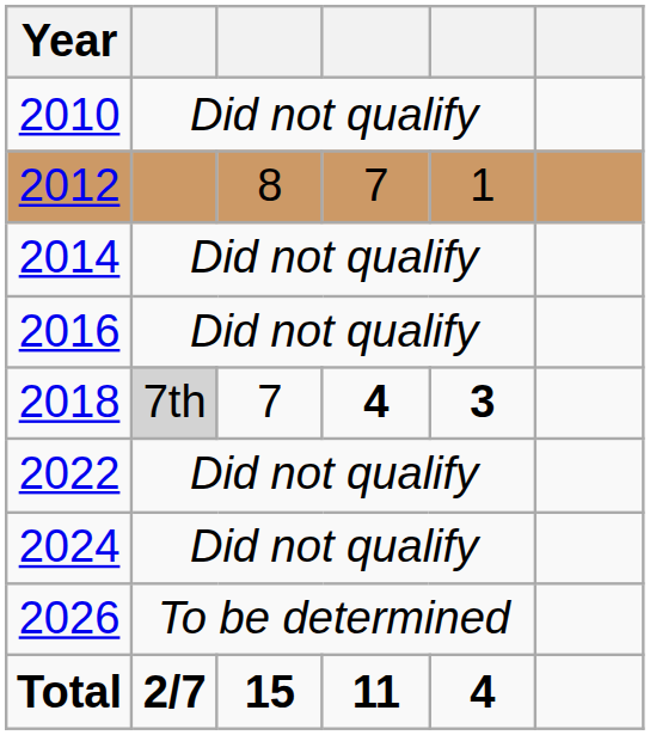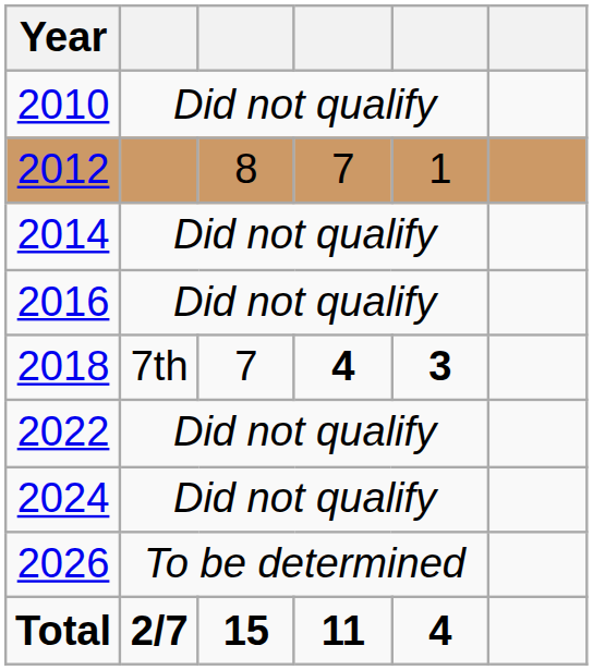 <table class="wikitable" style="text-align: center;">
 <tr>
 <th>Year</th>
 <th></th>
 <th width=30></th>
 <th width=30></th>
 <th width=30></th>
 <th width=30></th>
 </tr>
 <tr>
 <td> <a href='#'>2010</a></td>
 <td colspan=4><em>Did not qualify</em></td>
 <td></td>
 </tr>
 <tr bgcolor=cc9966>
 <td> <a href='#'>2012</a></td>
 <td></td>
 <td>8</td>
 <td>7</td>
 <td>1</td>
 <td></td>
 </tr>
 <tr>
 <td> <a href='#'>2014</a></td>
 <td colspan=4><em>Did not qualify</em></td>
 <td></td>
 </tr>
 <tr>
 <td> <a href='#'>2016</a></td>
 <td colspan=4><em>Did not qualify</em></td>
 <td></td>
 </tr>
 <tr>
 <td> <a href='#'>2018</a></td>
-<td style="background: lightgrey;">7th</td>
+<td>7th</td>
 <td>7</td>
 <td><strong>4</strong></td>
 <td><strong>3</strong></td>
 <td></td>
 </tr>
 <tr>
 <td> <a href='#'>2022</a></td>
 <td colspan="4"><em>Did not qualify</em></td>
 <td></td>
 </tr>
 <tr>
 <td> <a href='#'>2024</a></td>
 <td colspan="4"><em>Did not qualify</em></td>
 <td></td>
 </tr>
 <tr>
 <td> <a href='#'>2026</a></td>
 <td colspan="4"><em>To be determined</em></td>
 <td></td>
 </tr>
 <tr>
 <td><strong>Total</strong></td>
 <td><strong>2/7</strong></td>
 <td><strong>15</strong></td>
 <td><strong>11</strong></td>
 <td><strong>4</strong></td>
 <td></td>
 </tr>
 </table>
